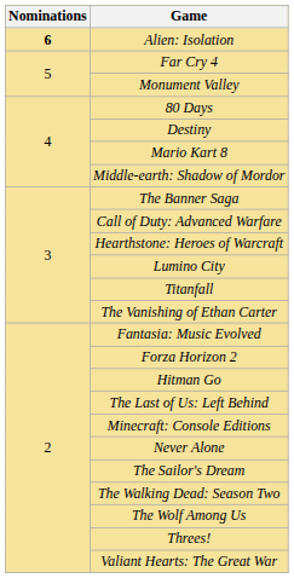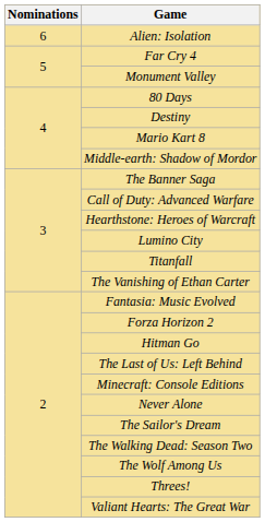 <table class="wikitable" rowspan=2 style="text-align: center; background: #f6e39c">
 <tr>
 <th scope="col" width="55">Nominations</th>
 <th scope="col" align="center">Game</th>
 </tr>
 <tr>
-<td style="text-align:center"><strong>6</strong></td>
+<td style="text-align:center">6</td>
 <td><em>Alien: Isolation</em></td>
 </tr>
 <tr>
 <td rowspan=2 style="text-align:center">5</td>
 <td><em>Far Cry 4</em></td>
 </tr>
 <tr>
 <td><em>Monument Valley</em></td>
 </tr>
 <tr>
 <td rowspan=4 style="text-align:center">4</td>
 <td><em>80 Days</em></td>
 </tr>
 <tr>
 <td><em>Destiny</em></td>
 </tr>
 <tr>
 <td><em>Mario Kart 8</em></td>
 </tr>
 <tr>
 <td><em>Middle-earth: Shadow of Mordor</em></td>
 </tr>
 <tr>
 <td rowspan=6 style="text-align:center">3</td>
 <td><em>The Banner Saga</em></td>
 </tr>
 <tr>
 <td><em>Call of Duty: Advanced Warfare</em></td>
 </tr>
 <tr>
 <td><em>Hearthstone: Heroes of Warcraft</em></td>
 </tr>
 <tr>
 <td><em>Lumino City</em></td>
 </tr>
 <tr>
 <td><em>Titanfall</em></td>
 </tr>
 <tr>
 <td><em>The Vanishing of Ethan Carter</em></td>
 </tr>
 <tr>
 <td rowspan=11 style="text-align:center">2</td>
 <td><em>Fantasia: Music Evolved</em></td>
 </tr>
 <tr>
 <td><em>Forza Horizon 2</em></td>
 </tr>
 <tr>
 <td><em>Hitman Go</em></td>
 </tr>
 <tr>
 <td><em>The Last of Us: Left Behind</em></td>
 </tr>
 <tr>
 <td><em>Minecraft: Console Editions</em></td>
 </tr>
 <tr>
 <td><em>Never Alone</em></td>
 </tr>
 <tr>
 <td><em>The Sailor's Dream</em></td>
 </tr>
 <tr>
 <td><em>The Walking Dead: Season Two</em></td>
 </tr>
 <tr>
 <td><em>The Wolf Among Us</em></td>
 </tr>
 <tr>
 <td><em>Threes!</em></td>
 </tr>
 <tr>
 <td><em>Valiant Hearts: The Great War</em></td>
 </tr>
 </table>
